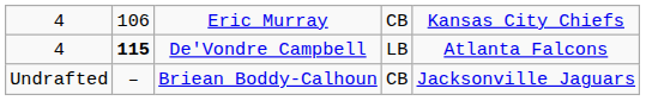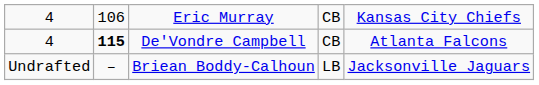 <table class="wikitable" style="text-align:center">
 <tr>
 <td>4</td>
 <td>106</td>
 <td><a href='#'>Eric Murray</a></td>
 <td>CB</td>
 <td><a href='#'>Kansas City Chiefs</a></td>
 </tr>
 <tr>
 <td>4</td>
 <td><strong>115</strong></td>
 <td><a href='#'>De'Vondre Campbell</a></td>
-<td>LB</td>
+<td>CB</td>
 <td><a href='#'>Atlanta Falcons</a></td>
 </tr>
 <tr>
 <td>Undrafted</td>
 <td>–</td>
 <td><a href='#'>Briean Boddy-Calhoun</a></td>
-<td>CB</td>
+<td>LB</td>
 <td><a href='#'>Jacksonville Jaguars</a></td>
 </tr>
 </table>
